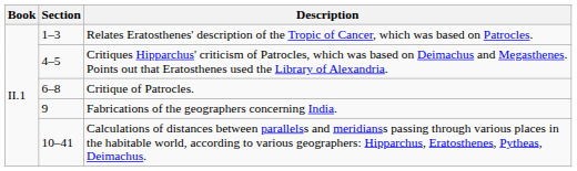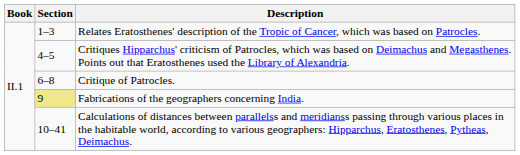 <table class="wikitable" style="max-width:45em;">
 <tr>
 <th>Book</th>
 <th>Section</th>
 <th>Description</th>
 </tr>
 <tr>
 <td rowspan="5">II.1</td>
 <td>1–3</td>
 <td>Relates Eratosthenes' description of the <a href='#'>Tropic of Cancer</a>, which was based on <a href='#'>Patrocles</a>.</td>
 </tr>
 <tr>
 <td>4–5</td>
 <td>Critiques <a href='#'>Hipparchus</a>' criticism of Patrocles, which was based on <a href='#'>Deimachus</a> and <a href='#'>Megasthenes</a>. Points out that Eratosthenes used the <a href='#'>Library of Alexandria</a>.</td>
 </tr>
 <tr>
 <td>6–8</td>
 <td>Critique of Patrocles.</td>
 </tr>
 <tr>
-<td>9</td>
+<td style="background: khaki;">9</td>
 <td>Fabrications of the geographers concerning <a href='#'>India</a>.</td>
 </tr>
 <tr>
 <td>10–41</td>
 <td>Calculations of distances between <a href='#'>parallels</a>s and <a href='#'>meridians</a>s passing through various places in the habitable world, according to various geographers: <a href='#'>Hipparchus</a>, <a href='#'>Eratosthenes</a>, <a href='#'>Pytheas</a>, <a href='#'>Deimachus</a>.</td>
 </tr>
 </table>
